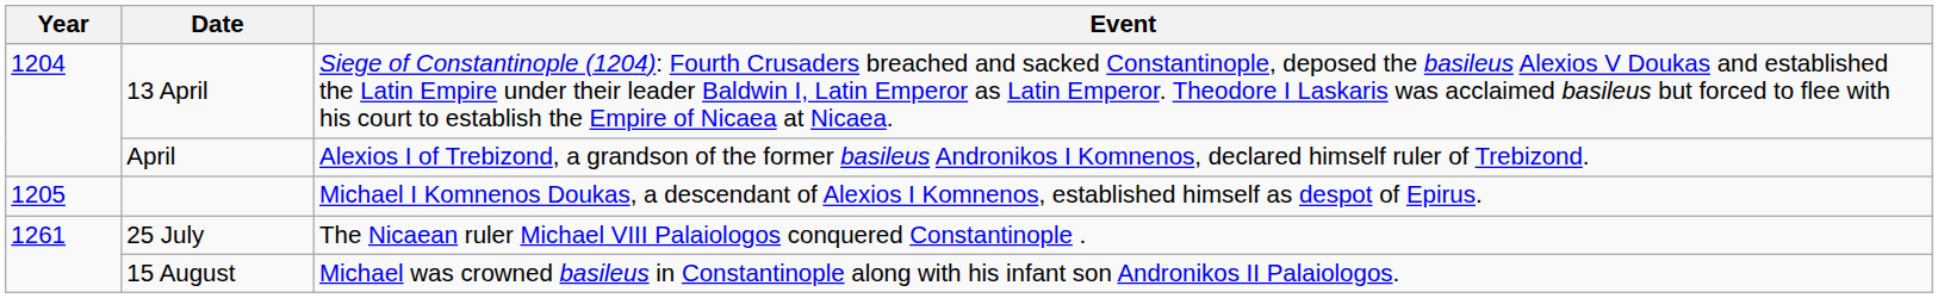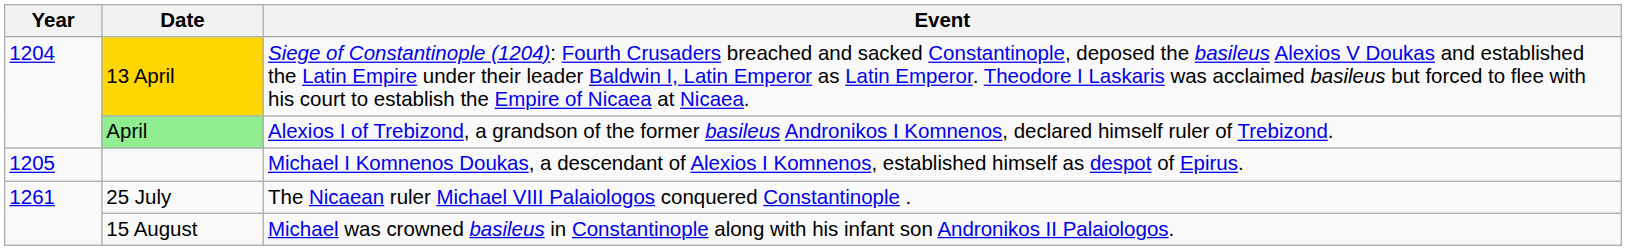 <table class="wikitable" width="100%">
 <tr>
 <th style="width:6%">Year</th>
 <th style="width:10%">Date</th>
 <th>Event</th>
 </tr>
 <tr>
 <td rowspan="2" valign="top"><a href='#'>1204</a></td>
-<td>13 April</td>
+<td style="background: gold;">13 April</td>
 <td><em><a href='#'>Siege of Constantinople (1204)</a></em>: <a href='#'>Fourth Crusaders</a> breached and sacked <a href='#'>Constantinople</a>, deposed the <em><a href='#'>basileus</a></em> <a href='#'>Alexios V Doukas</a> and established the <a href='#'>Latin Empire</a> under their leader <a href='#'>Baldwin I, Latin Emperor</a> as <a href='#'>Latin Emperor</a>.  <a href='#'>Theodore I Laskaris</a> was acclaimed <em>basileus</em> but forced to flee with his court to establish the <a href='#'>Empire of Nicaea</a> at <a href='#'>Nicaea</a>.</td>
 </tr>
 <tr>
-<td>April</td>
+<td style="background: lightgreen;">April</td>
 <td><a href='#'>Alexios I of Trebizond</a>, a grandson of the former <em><a href='#'>basileus</a></em> <a href='#'>Andronikos I Komnenos</a>, declared himself ruler of <a href='#'>Trebizond</a>.</td>
 </tr>
 <tr>
 <td><a href='#'>1205</a></td>
 <td></td>
 <td><a href='#'>Michael I Komnenos Doukas</a>, a descendant of <a href='#'>Alexios I Komnenos</a>, established himself as <a href='#'>despot</a> of <a href='#'>Epirus</a>.</td>
 </tr>
 <tr>
 <td rowspan="2" valign="top"><a href='#'>1261</a></td>
 <td>25 July</td>
 <td>The <a href='#'>Nicaean</a> ruler <a href='#'>Michael VIII Palaiologos</a> conquered <a href='#'>Constantinople</a> .</td>
 </tr>
 <tr>
 <td>15 August</td>
 <td><a href='#'>Michael</a> was crowned <em><a href='#'>basileus</a></em> in <a href='#'>Constantinople</a> along with his infant son <a href='#'>Andronikos II Palaiologos</a>.</td>
 </tr>
 </table>
